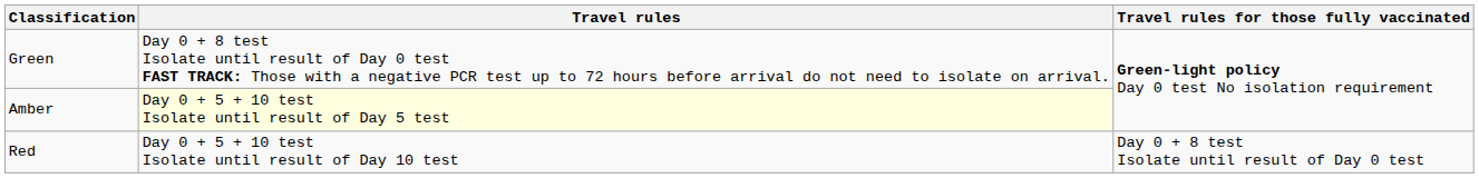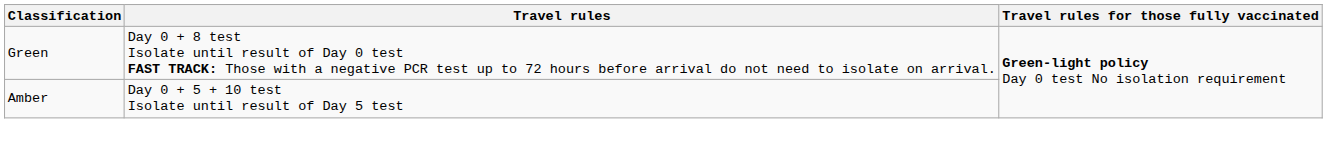 <table class="wikitable">
 <tr>
 <th>Classification</th>
 <th>Travel rules</th>
 <th>Travel rules for those fully vaccinated</th>
 </tr>
 <tr>
 <td>Green</td>
 <td>Day 0 + 8 test<br>Isolate until result of Day 0 test<br><strong>FAST TRACK:</strong> Those with a negative PCR test up to 72 hours before arrival do not need to isolate on arrival.</td>
 <td rowspan="2"><strong>Green-light policy</strong><br>Day 0 test No isolation requirement</td>
 </tr>
 <tr>
 <td>Amber</td>
-<td style="background: lightyellow;">Day 0 + 5 + 10 test<br>Isolate until result of Day 5 test</td>
-</tr>
-<tr>
-<td>Red</td>
-<td>Day 0 + 5 + 10 test<br>Isolate until result of Day 10 test</td>
-<td>Day 0 + 8 test<br>Isolate until result of Day 0 test</td>
+<td>Day 0 + 5 + 10 test<br>Isolate until result of Day 5 test</td>
 </tr>
 </table>
